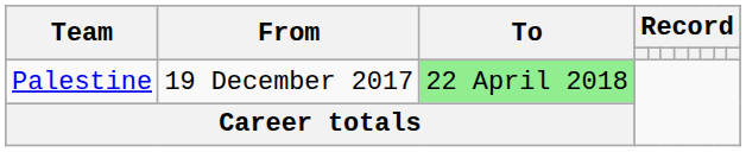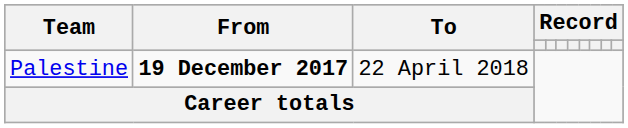 <table class="wikitable" style="text-align: center">
 <tr>
 <th rowspan=2>Team</th>
 <th rowspan=2>From</th>
 <th rowspan=2>To</th>
 <th colspan=8>Record</th>
 </tr>
 <tr>
 <th></th>
 <th></th>
 <th></th>
 <th></th>
 <th></th>
 <th></th>
 <th></th>
 <th></th>
 </tr>
 <tr>
 <td><a href='#'>Palestine</a></td>
-<td>19 December 2017</td>
-<td style="background: lightgreen;">22 April 2018<br></td>
+<td><strong>19 December 2017</strong></td>
+<td>22 April 2018<br></td>
 </tr>
 <tr>
 <th colspan=3>Career totals<br></th>
 </tr>
 </table>
